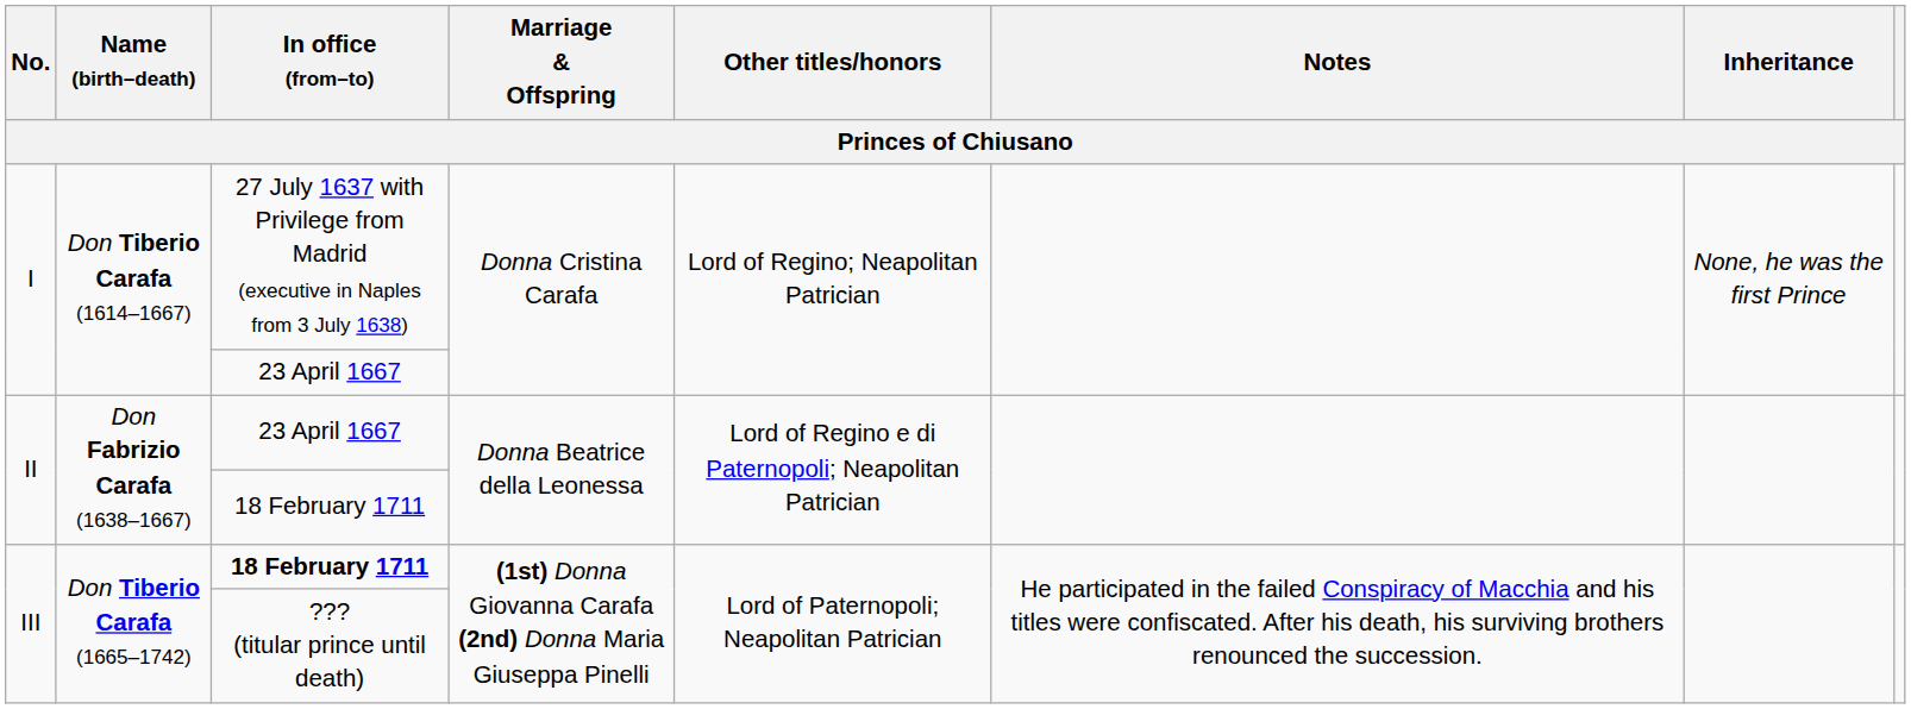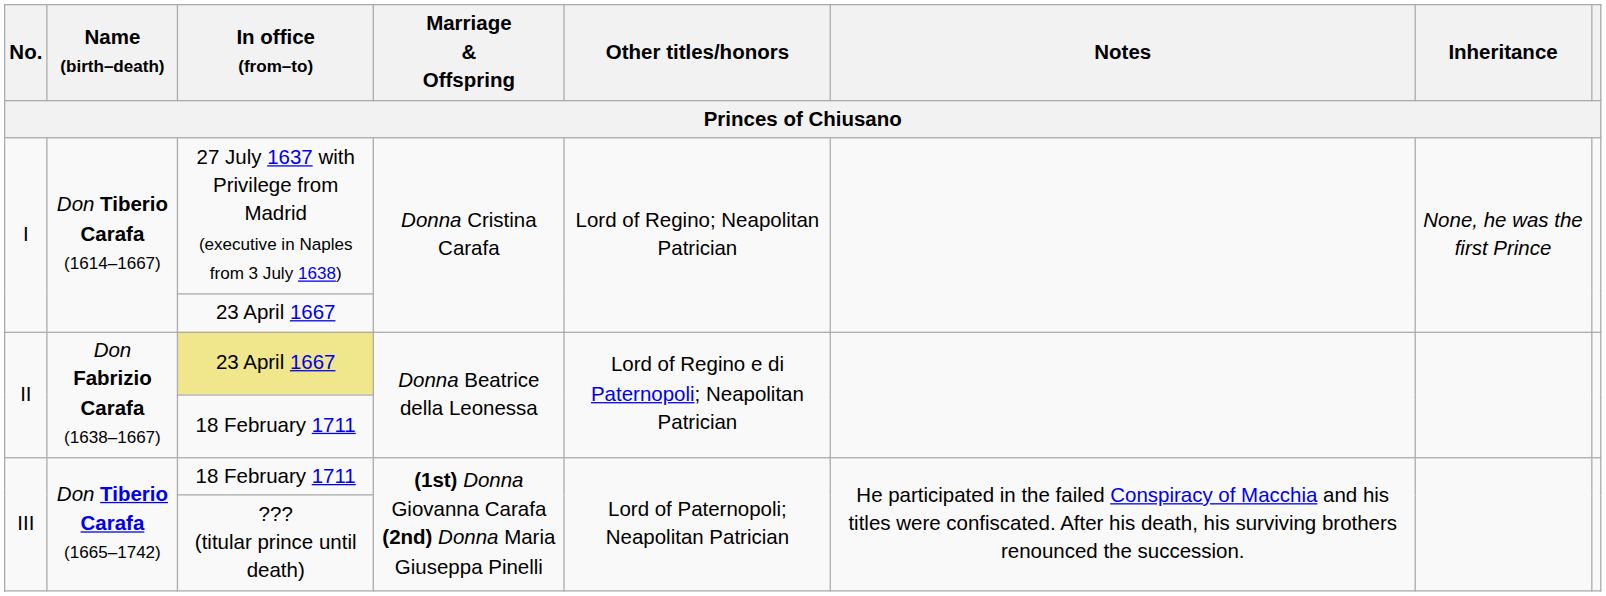 <table class="wikitable" style="line-height:1.4em; text-align:center">
 <tr>
 <th>No.</th>
 <th>Name<br><small>(birth–death)</small></th>
 <th>In office<br><small>(from–to)</small></th>
 <th>Marriage<br>&<br>Offspring</th>
 <th>Other titles/honors</th>
 <th>Notes</th>
 <th>Inheritance</th>
 <th></th>
 </tr>
 <tr>
 <th class=noprint colspan=8 style="font-weight:normal" style="background:#FFD700"><strong>Princes of Chiusano</strong></th>
 </tr>
 <tr>
 <td rowspan=2>I</td>
 <td rowspan=2><em>Don</em> <strong>Tiberio Carafa</strong><br><small>(1614–1667)</small></td>
 <td>27 July <a href='#'>1637</a> with Privilege from Madrid<br><small>(executive in Naples from 3 July <a href='#'>1638</a>)</small></td>
 <td rowspan=2><em>Donna</em> Cristina Carafa</td>
 <td rowspan=2>Lord of Regino; Neapolitan Patrician</td>
 <td rowspan=2></td>
 <td rowspan=2><em>None, he was the first Prince</em></td>
 <td rowspan=2></td>
 </tr>
 <tr>
 <td>23 April <a href='#'>1667</a></td>
 </tr>
 <tr>
 <td rowspan=2>II</td>
 <td rowspan=2><em>Don</em> <strong>Fabrizio Carafa</strong><br><small>(1638–1667)</small></td>
-<td>23 April <a href='#'>1667</a></td>
+<td style="background: khaki;">23 April <a href='#'>1667</a></td>
 <td rowspan=2><em>Donna</em> Beatrice della Leonessa</td>
 <td rowspan=2>Lord of Regino e di <a href='#'>Paternopoli</a>; Neapolitan Patrician</td>
 <td rowspan=2></td>
 <td rowspan=2></td>
 <td rowspan=2></td>
 </tr>
 <tr>
 <td>18 February <a href='#'>1711</a></td>
 </tr>
 <tr>
 <td rowspan=2>III</td>
 <td rowspan=2><em>Don</em> <strong><a href='#'>Tiberio Carafa</a></strong><br><small>(1665–1742)</small></td>
-<td><strong>18 February <a href='#'>1711</a></strong></td>
+<td>18 February <a href='#'>1711</a></td>
 <td rowspan=2><strong>(1st)</strong> <em>Donna</em> Giovanna Carafa<br><strong>(2nd)</strong> <em>Donna</em> Maria Giuseppa Pinelli</td>
 <td rowspan=2>Lord of Paternopoli; Neapolitan Patrician</td>
 <td rowspan=2>He participated in the failed <a href='#'>Conspiracy of Macchia</a> and his titles were confiscated. After his death, his surviving brothers renounced the succession.</td>
 <td rowspan=2></td>
 <td rowspan=2></td>
 </tr>
 <tr>
 <td>???<br>(titular prince until death)</td>
 </tr>
 </table>
